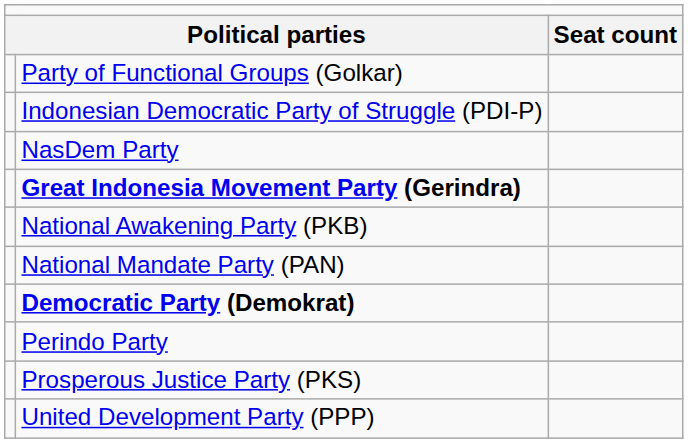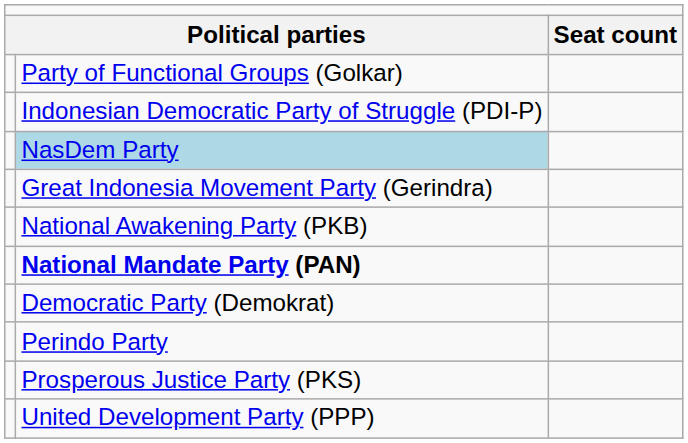 <table class="wikitable">
 <tr>
 <td colspan="4"></td>
 </tr>
 <tr>
 <th colspan="2">Political parties</th>
 <th>Seat count</th>
 </tr>
 <tr>
 <td bgcolor=></td>
 <td><a href='#'>Party of Functional Groups</a> (Golkar)</td>
 <td></td>
 </tr>
 <tr>
 <td bgcolor=></td>
 <td><a href='#'>Indonesian Democratic Party of Struggle</a> (PDI-P)</td>
 <td></td>
 </tr>
 <tr>
 <td bgcolor=></td>
-<td><a href='#'>NasDem Party</a></td>
+<td style="background: lightblue;"><a href='#'>NasDem Party</a></td>
 <td></td>
 </tr>
 <tr>
 <td bgcolor=></td>
-<td><strong><a href='#'>Great Indonesia Movement Party</a> (Gerindra)</strong></td>
+<td><a href='#'>Great Indonesia Movement Party</a> (Gerindra)</td>
 <td></td>
 </tr>
 <tr>
 <td bgcolor=></td>
 <td><a href='#'>National Awakening Party</a> (PKB)</td>
 <td></td>
 </tr>
 <tr>
 <td bgcolor=></td>
-<td><a href='#'>National Mandate Party</a> (PAN)</td>
+<td><strong><a href='#'>National Mandate Party</a> (PAN)</strong></td>
 <td></td>
 </tr>
 <tr>
 <td bgcolor=></td>
-<td><strong><a href='#'>Democratic Party</a> (Demokrat)</strong></td>
+<td><a href='#'>Democratic Party</a> (Demokrat)</td>
 <td></td>
 </tr>
 <tr>
 <td bgcolor=></td>
 <td><a href='#'>Perindo Party</a></td>
 <td></td>
 </tr>
 <tr>
 <td bgcolor=></td>
 <td><a href='#'>Prosperous Justice Party</a> (PKS)</td>
 <td></td>
 </tr>
 <tr>
 <td bgcolor=></td>
 <td><a href='#'>United Development Party</a> (PPP)</td>
 <td></td>
 </tr>
 </table>
